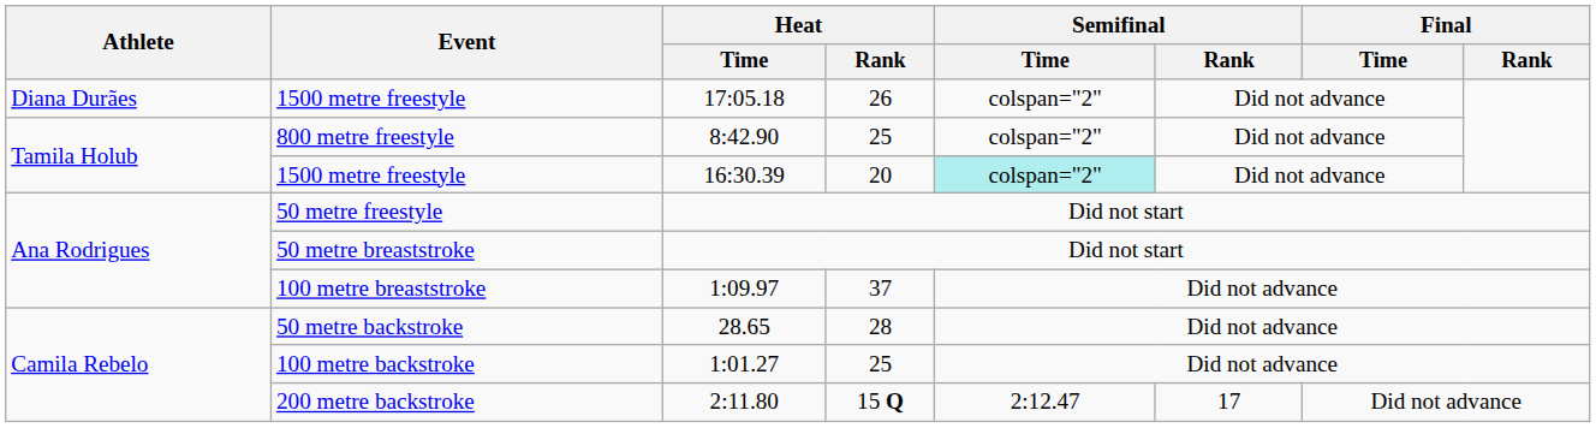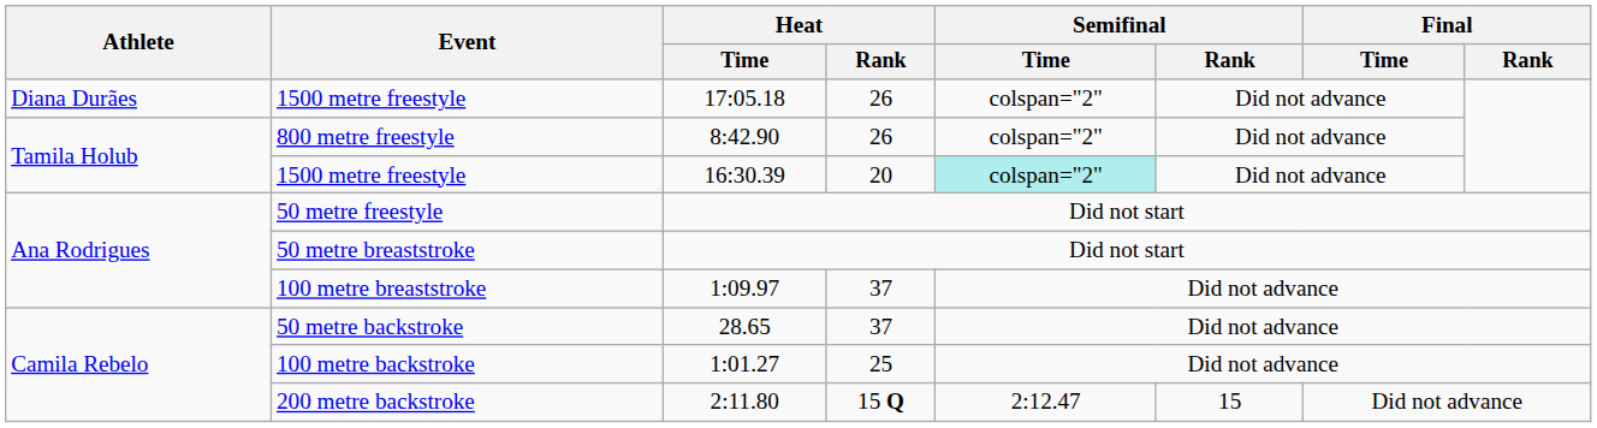 <table class="wikitable" style="text-align:center; font-size:90%; width:50%;">
 <tr>
 <th rowspan="2">Athlete</th>
 <th rowspan="2">Event</th>
 <th colspan="2">Heat</th>
 <th colspan="2">Semifinal</th>
 <th colspan="2">Final</th>
 </tr>
 <tr style="font-size:95%">
 <th>Time</th>
 <th>Rank</th>
 <th>Time</th>
 <th>Rank</th>
 <th>Time</th>
 <th>Rank</th>
 </tr>
 <tr>
 <td align=left><a href='#'>Diana Durães</a></td>
 <td align=left><a href='#'>1500 metre freestyle</a></td>
 <td>17:05.18</td>
 <td>26</td>
 <td>colspan="2" </td>
 <td colspan="2">Did not advance</td>
 </tr>
 <tr>
 <td align=left rowspan=2><a href='#'>Tamila Holub</a></td>
 <td align=left><a href='#'>800 metre freestyle</a></td>
 <td>8:42.90</td>
-<td>25</td>
+<td>26</td>
 <td>colspan="2" </td>
 <td colspan="2">Did not advance</td>
 </tr>
 <tr>
 <td align=left><a href='#'>1500 metre freestyle</a></td>
 <td>16:30.39</td>
 <td>20</td>
 <td style="background: paleturquoise;">colspan="2" </td>
 <td colspan="2">Did not advance</td>
 </tr>
 <tr>
 <td align=left rowspan=3><a href='#'>Ana Rodrigues</a></td>
 <td align=left><a href='#'>50 metre freestyle</a></td>
 <td colspan=6>Did not start</td>
 </tr>
 <tr>
 <td align=left><a href='#'>50 metre breaststroke</a></td>
 <td colspan=6>Did not start</td>
 </tr>
 <tr>
 <td align=left><a href='#'>100 metre breaststroke</a></td>
 <td>1:09.97</td>
 <td>37</td>
 <td colspan=4>Did not advance</td>
 </tr>
 <tr>
 <td align=left rowspan=3><a href='#'>Camila Rebelo</a></td>
 <td align=left><a href='#'>50 metre backstroke</a></td>
 <td>28.65</td>
-<td>28</td>
+<td>37</td>
 <td colspan=4>Did not advance</td>
 </tr>
 <tr>
 <td align=left><a href='#'>100 metre backstroke</a></td>
 <td>1:01.27</td>
 <td>25</td>
 <td colspan=4>Did not advance</td>
 </tr>
 <tr>
 <td align=left><a href='#'>200 metre backstroke</a></td>
 <td>2:11.80</td>
 <td>15 <strong>Q</strong></td>
 <td>2:12.47</td>
-<td>17</td>
+<td>15</td>
 <td colspan=2>Did not advance</td>
 </tr>
 </table>
